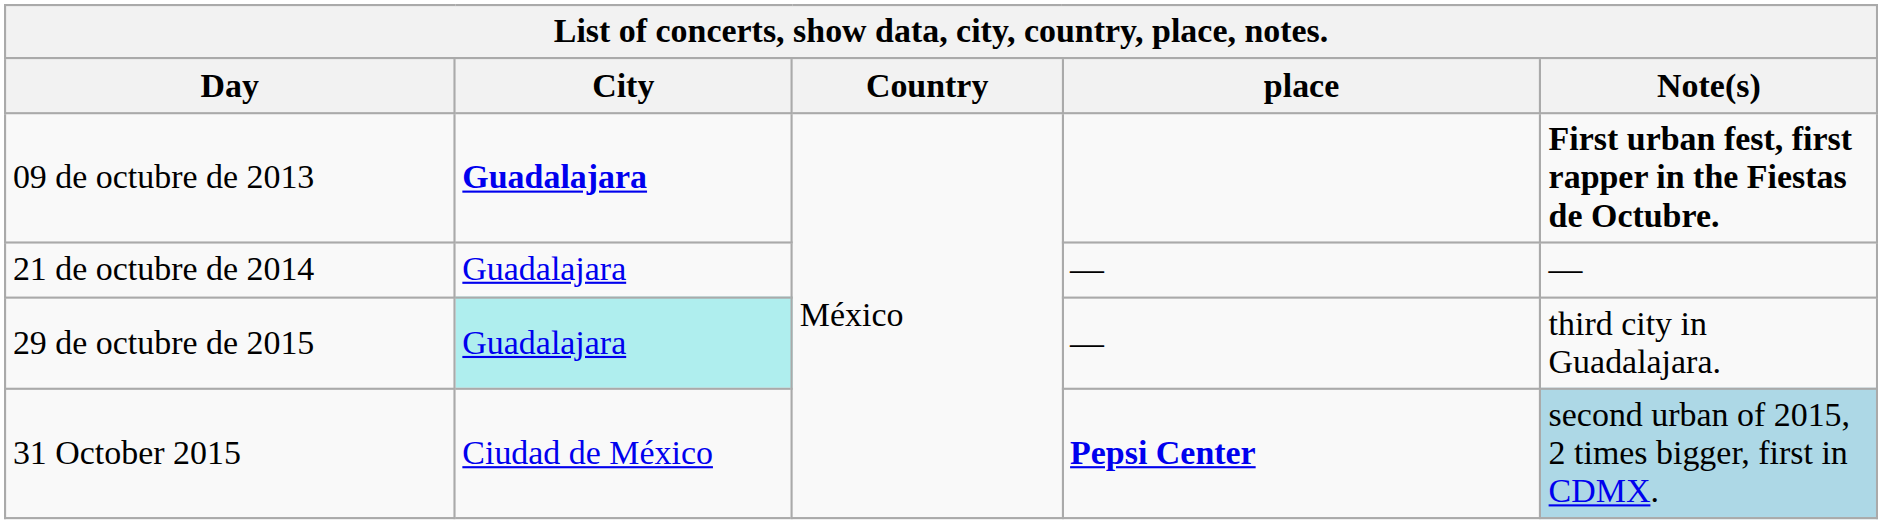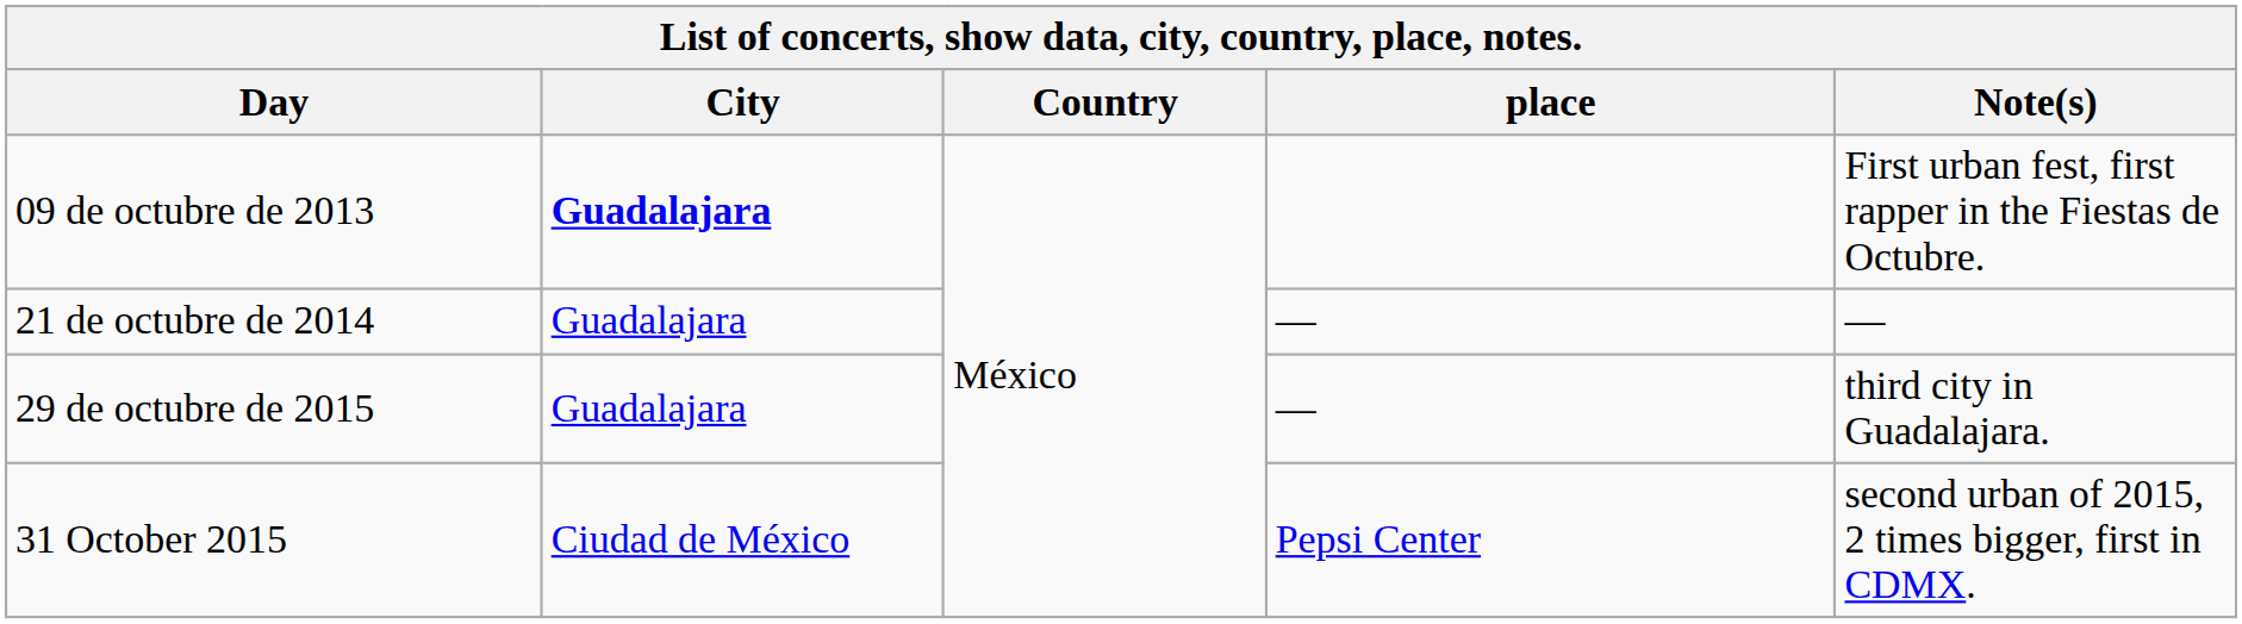 <table class="wikitable collapsible collapsed" width="100%">
 <tr>
 <th colspan="7">List of concerts, show data, city, country, place, notes.</th>
 </tr>
 <tr>
 <th scope="col" style="width:14em;">Day</th>
 <th scope="col" style="width:10em;">City</th>
 <th scope="col" style="width:8em;">Country</th>
 <th scope="col" style="width:15em;">place</th>
 <th scope="col" style="width:10em;">Note(s)</th>
 </tr>
 <tr>
 <td>09 de octubre de 2013</td>
 <td><strong><a href='#'>Guadalajara</a></strong></td>
 <td rowspan="15">México</td>
 <td></td>
-<td><strong>First urban fest, first rapper in the Fiestas de Octubre.</strong></td>
+<td>First urban fest, first rapper in the Fiestas de Octubre.</td>
 </tr>
 <tr>
 <td>21 de octubre de 2014</td>
 <td><a href='#'>Guadalajara</a></td>
 <td>—</td>
 <td>—</td>
 </tr>
 <tr>
 <td>29 de octubre de 2015</td>
-<td style="background: paleturquoise;"><a href='#'>Guadalajara</a></td>
+<td><a href='#'>Guadalajara</a></td>
 <td>—</td>
 <td>third city in Guadalajara.</td>
 </tr>
 <tr>
 <td>31 October 2015</td>
 <td><a href='#'>Ciudad de México</a></td>
-<td><strong><a href='#'>Pepsi Center</a></strong></td>
-<td style="background: lightblue;">second urban of 2015, 2 times bigger, first in <a href='#'>CDMX</a>.</td>
+<td><a href='#'>Pepsi Center</a></td>
+<td>second urban of 2015, 2 times bigger, first in <a href='#'>CDMX</a>.</td>
 </tr>
 </table>
